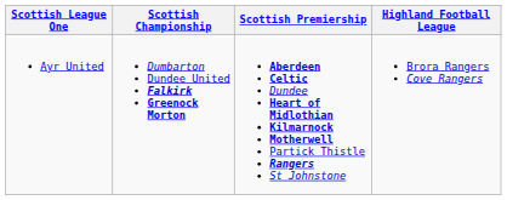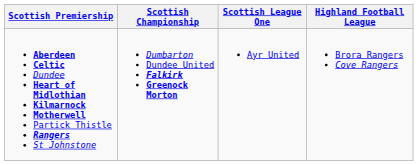 <table class="wikitable" style="text-align:left">
 <tr>
+<th><a href='#'>Scottish Premiership</a></th>
+<th><a href='#'>Scottish Championship</a></th>
 <th><a href='#'>Scottish League One</a></th>
-<th><a href='#'>Scottish Championship</a></th>
-<th><a href='#'>Scottish Premiership</a></th>
 <th><a href='#'>Highland Football League</a></th>
 </tr>
 <tr>
+<td valign=top><br><ul><li><strong><a href='#'>Aberdeen</a></strong></li><li><strong><a href='#'>Celtic</a></strong></li><li><em><a href='#'>Dundee</a></em></li><li><strong><a href='#'>Heart of Midlothian</a></strong></li><li><strong><a href='#'>Kilmarnock</a></strong></li><li><strong><a href='#'>Motherwell</a></strong></li><li><a href='#'>Partick Thistle</a></li><li><strong><em><a href='#'>Rangers</a></em></strong></li><li><em><a href='#'>St Johnstone</a></em></li></ul></td>
+<td valign=top><br><ul><li><em><a href='#'>Dumbarton</a></em></li><li><a href='#'>Dundee United</a></li><li><strong><em><a href='#'>Falkirk</a></em></strong></li><li><strong><a href='#'>Greenock Morton</a></strong></li></ul></td>
 <td valign=top><br><ul><li><a href='#'>Ayr United</a></li></ul></td>
-<td valign=top><br><ul><li><em><a href='#'>Dumbarton</a></em></li><li><a href='#'>Dundee United</a></li><li><strong><em><a href='#'>Falkirk</a></em></strong></li><li><strong><a href='#'>Greenock Morton</a></strong></li></ul></td>
-<td valign=top><br><ul><li><strong><a href='#'>Aberdeen</a></strong></li><li><strong><a href='#'>Celtic</a></strong></li><li><em><a href='#'>Dundee</a></em></li><li><strong><a href='#'>Heart of Midlothian</a></strong></li><li><strong><a href='#'>Kilmarnock</a></strong></li><li><strong><a href='#'>Motherwell</a></strong></li><li><a href='#'>Partick Thistle</a></li><li><strong><em><a href='#'>Rangers</a></em></strong></li><li><em><a href='#'>St Johnstone</a></em></li></ul></td>
 <td valign=top><br><ul><li><a href='#'>Brora Rangers</a></li><li><em><a href='#'>Cove Rangers</a></em></li></ul></td>
 </tr>
 </table>
